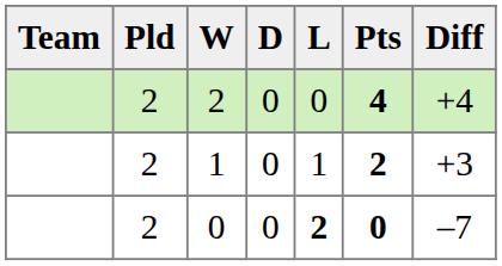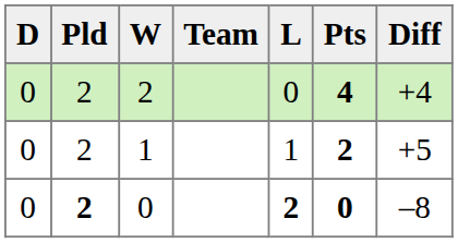 <table style=border-collapse:collapse border=1 cellspacing=0 cellpadding=5>
 <tr align=center bgcolor=#efefef>
-<th>Team</th>
+<th>D</th>
 <th>Pld</th>
 <th>W</th>
-<th>D</th>
+<th>Team</th>
 <th>L</th>
 <th>Pts</th>
 <th>Diff</th>
 </tr>
 <tr align=center style="background:#D0F0C0;">
-<td style="text-align:left;"> </td>
+<td>0</td>
 <td>2</td>
 <td>2</td>
-<td>0</td>
+<td style="text-align:left;"> </td>
 <td>0</td>
 <td><strong>4</strong></td>
 <td>+4</td>
 </tr>
 <tr align=center style="background:#FFFFFF;">
-<td style="text-align:left;"> </td>
+<td>0</td>
 <td>2</td>
 <td>1</td>
-<td>0</td>
+<td style="text-align:left;"> </td>
 <td>1</td>
 <td><strong>2</strong></td>
-<td>+3</td>
+<td>+5</td>
 </tr>
 <tr align=center style="background:#FFFFFF;">
-<td style="text-align:left;"> </td>
-<td>2</td>
-<td>0</td>
 <td>0</td>
 <td><strong>2</strong></td>
+<td>0</td>
+<td style="text-align:left;"> </td>
+<td><strong>2</strong></td>
 <td><strong>0</strong></td>
-<td>–7</td>
+<td>–8</td>
 </tr>
 </table>
